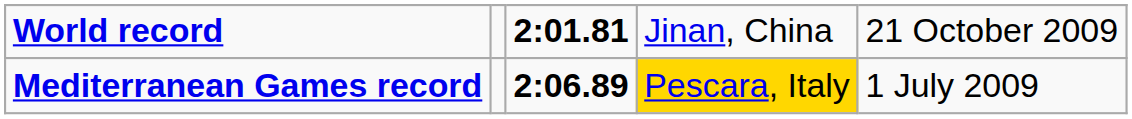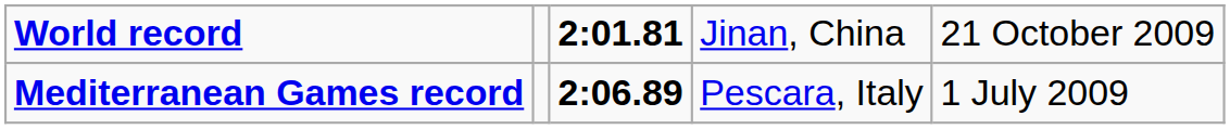 <table class="wikitable">
 <tr>
 <td><strong><a href='#'>World record</a></strong></td>
 <td></td>
 <td><strong>2:01.81</strong></td>
 <td><a href='#'>Jinan</a>, China</td>
 <td>21 October 2009</td>
 </tr>
 <tr>
 <td><strong><a href='#'>Mediterranean Games record</a></strong></td>
 <td></td>
 <td><strong>2:06.89</strong></td>
-<td style="background: gold;"><a href='#'>Pescara</a>, Italy</td>
+<td><a href='#'>Pescara</a>, Italy</td>
 <td>1 July 2009</td>
 </tr>
 </table>
